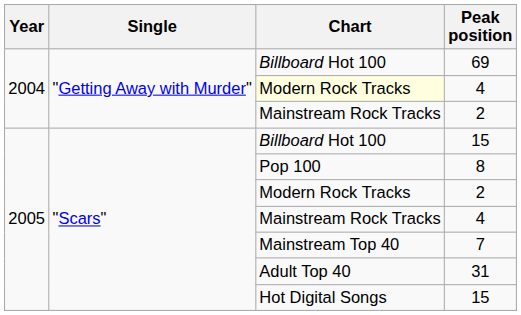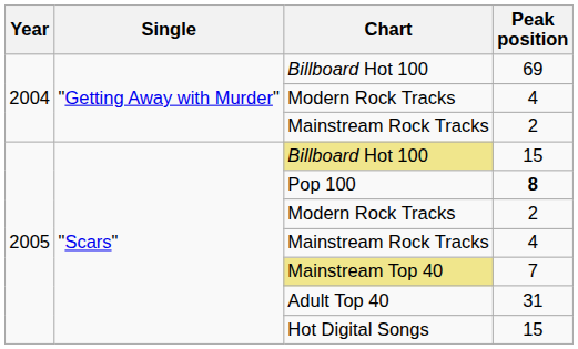 <table class="wikitable">
 <tr>
 <th>Year</th>
 <th>Single</th>
 <th>Chart</th>
 <th>Peak<br>position</th>
 </tr>
 <tr>
 <td rowspan="3">2004</td>
 <td rowspan="3">"<a href='#'>Getting Away with Murder</a>"</td>
 <td><em>Billboard</em> Hot 100</td>
 <td style="text-align:center;">69</td>
 </tr>
 <tr>
-<td style="background: lightyellow;">Modern Rock Tracks</td>
+<td>Modern Rock Tracks</td>
 <td style="text-align:center;">4</td>
 </tr>
 <tr>
 <td>Mainstream Rock Tracks</td>
 <td style="text-align:center;">2</td>
 </tr>
 <tr>
 <td rowspan="7">2005</td>
 <td rowspan="7">"<a href='#'>Scars</a>"</td>
-<td><em>Billboard</em> Hot 100</td>
+<td style="background: khaki;"><em>Billboard</em> Hot 100</td>
 <td style="text-align:center;">15</td>
 </tr>
 <tr>
 <td>Pop 100</td>
-<td style="text-align:center;">8</td>
+<td style="text-align:center;"><strong>8</strong></td>
 </tr>
 <tr>
 <td>Modern Rock Tracks</td>
 <td style="text-align:center;">2</td>
 </tr>
 <tr>
 <td>Mainstream Rock Tracks</td>
 <td style="text-align:center;">4</td>
 </tr>
 <tr>
-<td>Mainstream Top 40</td>
+<td style="background: khaki;">Mainstream Top 40</td>
 <td style="text-align:center;">7</td>
 </tr>
 <tr>
 <td>Adult Top 40</td>
 <td style="text-align:center;">31</td>
 </tr>
 <tr>
 <td>Hot Digital Songs</td>
 <td style="text-align:center;">15</td>
 </tr>
 </table>
